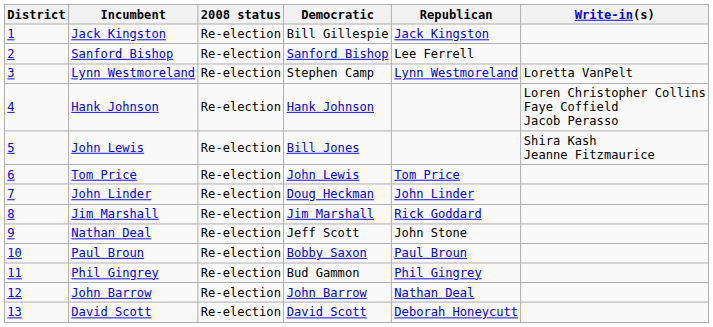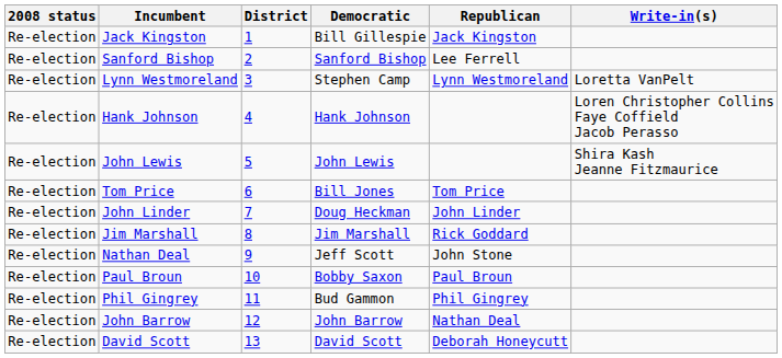 <table class="wikitable">
 <tr>
+<th>2008 status</th>
+<th>Incumbent</th>
 <th>District</th>
-<th>Incumbent</th>
-<th>2008 status</th>
 <th>Democratic</th>
 <th>Republican</th>
 <th><a href='#'>Write-in</a>(s)</th>
 </tr>
 <tr>
+<td>Re-election</td>
+<td><a href='#'>Jack Kingston</a></td>
 <td><a href='#'>1</a></td>
-<td><a href='#'>Jack Kingston</a></td>
-<td>Re-election</td>
 <td>Bill Gillespie</td>
 <td><a href='#'>Jack Kingston</a></td>
 <td></td>
 </tr>
 <tr>
+<td>Re-election</td>
+<td><a href='#'>Sanford Bishop</a></td>
 <td><a href='#'>2</a></td>
-<td><a href='#'>Sanford Bishop</a></td>
-<td>Re-election</td>
 <td><a href='#'>Sanford Bishop</a></td>
 <td>Lee Ferrell</td>
 <td></td>
 </tr>
 <tr>
+<td>Re-election</td>
+<td><a href='#'>Lynn Westmoreland</a></td>
 <td><a href='#'>3</a></td>
-<td><a href='#'>Lynn Westmoreland</a></td>
-<td>Re-election</td>
 <td>Stephen Camp</td>
 <td><a href='#'>Lynn Westmoreland</a></td>
 <td>Loretta VanPelt</td>
 </tr>
 <tr>
+<td>Re-election</td>
+<td><a href='#'>Hank Johnson</a></td>
 <td><a href='#'>4</a></td>
-<td><a href='#'>Hank Johnson</a></td>
-<td>Re-election</td>
 <td><a href='#'>Hank Johnson</a></td>
 <td></td>
 <td>Loren Christopher Collins<br>Faye Coffield<br>Jacob Perasso</td>
 </tr>
 <tr>
+<td>Re-election</td>
+<td><a href='#'>John Lewis</a></td>
 <td><a href='#'>5</a></td>
 <td><a href='#'>John Lewis</a></td>
-<td>Re-election</td>
-<td><a href='#'>Bill Jones</a></td>
 <td></td>
 <td>Shira Kash<br>Jeanne Fitzmaurice</td>
 </tr>
 <tr>
+<td>Re-election</td>
+<td><a href='#'>Tom Price</a></td>
 <td><a href='#'>6</a></td>
-<td><a href='#'>Tom Price</a></td>
-<td>Re-election</td>
-<td><a href='#'>John Lewis</a></td>
+<td><a href='#'>Bill Jones</a></td>
 <td><a href='#'>Tom Price</a></td>
 <td></td>
 </tr>
 <tr>
+<td>Re-election</td>
+<td><a href='#'>John Linder</a></td>
 <td><a href='#'>7</a></td>
-<td><a href='#'>John Linder</a></td>
-<td>Re-election</td>
 <td><a href='#'>Doug Heckman</a></td>
 <td><a href='#'>John Linder</a></td>
 <td></td>
 </tr>
 <tr>
+<td>Re-election</td>
+<td><a href='#'>Jim Marshall</a></td>
 <td><a href='#'>8</a></td>
-<td><a href='#'>Jim Marshall</a></td>
-<td>Re-election</td>
 <td><a href='#'>Jim Marshall</a></td>
 <td><a href='#'>Rick Goddard</a></td>
 <td></td>
 </tr>
 <tr>
+<td>Re-election</td>
+<td><a href='#'>Nathan Deal</a></td>
 <td><a href='#'>9</a></td>
-<td><a href='#'>Nathan Deal</a></td>
-<td>Re-election</td>
 <td>Jeff Scott</td>
 <td>John Stone</td>
 <td></td>
 </tr>
 <tr>
+<td>Re-election</td>
+<td><a href='#'>Paul Broun</a></td>
 <td><a href='#'>10</a></td>
-<td><a href='#'>Paul Broun</a></td>
-<td>Re-election</td>
 <td><a href='#'>Bobby Saxon</a></td>
 <td><a href='#'>Paul Broun</a></td>
 <td></td>
 </tr>
 <tr>
+<td>Re-election</td>
+<td><a href='#'>Phil Gingrey</a></td>
 <td><a href='#'>11</a></td>
-<td><a href='#'>Phil Gingrey</a></td>
-<td>Re-election</td>
 <td>Bud Gammon</td>
 <td><a href='#'>Phil Gingrey</a></td>
 <td></td>
 </tr>
 <tr>
+<td>Re-election</td>
+<td><a href='#'>John Barrow</a></td>
 <td><a href='#'>12</a></td>
-<td><a href='#'>John Barrow</a></td>
-<td>Re-election</td>
 <td><a href='#'>John Barrow</a></td>
 <td><a href='#'>Nathan Deal</a></td>
 <td></td>
 </tr>
 <tr>
+<td>Re-election</td>
+<td><a href='#'>David Scott</a></td>
 <td><a href='#'>13</a></td>
-<td><a href='#'>David Scott</a></td>
-<td>Re-election</td>
 <td><a href='#'>David Scott</a></td>
 <td><a href='#'>Deborah Honeycutt</a></td>
 <td></td>
 </tr>
 </table>
